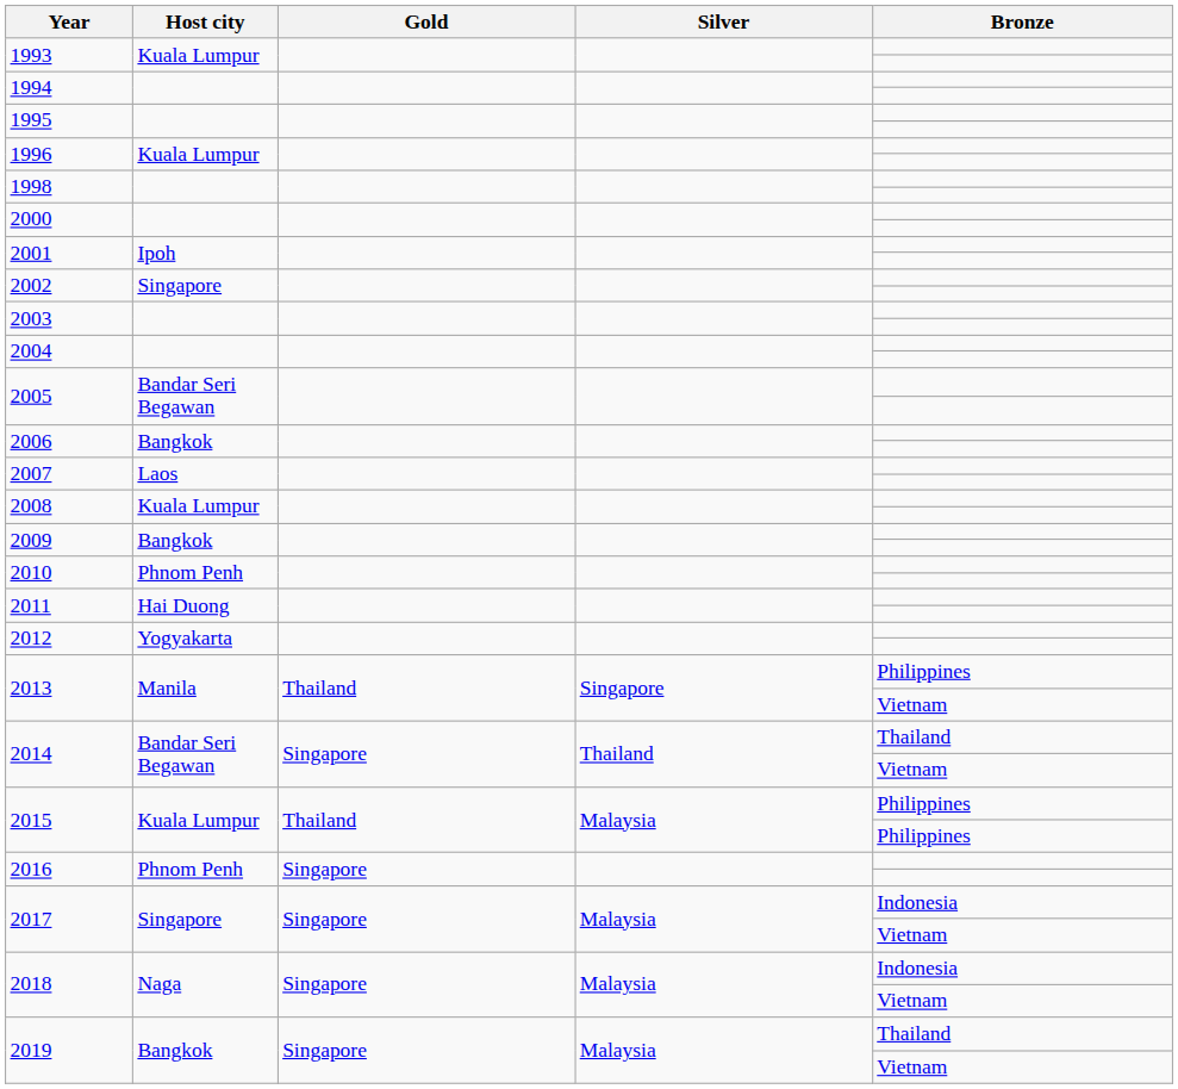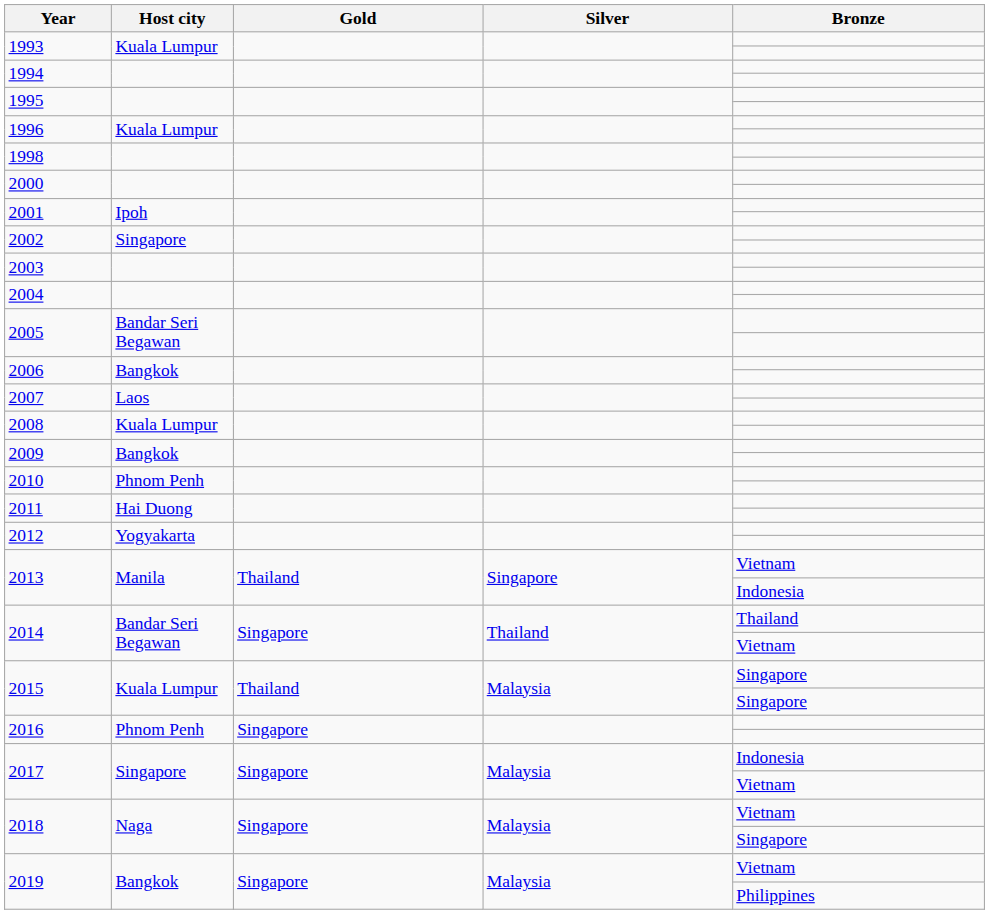 <table class="wikitable sortable" style="width:900px;">
 <tr>
 <th width="120">Year</th>
 <th width="120">Host city</th>
 <th width="300">Gold</th>
 <th width="300">Silver</th>
 <th width="300">Bronze</th>
 </tr>
 <tr>
 <td rowspan=2><a href='#'>1993</a></td>
 <td rowspan=2><a href='#'>Kuala Lumpur</a></td>
 <td rowspan=2></td>
 <td rowspan=2></td>
 <td></td>
 </tr>
 <tr>
 <td></td>
 </tr>
 <tr>
 <td rowspan=2><a href='#'>1994</a></td>
 <td rowspan=2></td>
 <td rowspan=2></td>
 <td rowspan=2></td>
 <td></td>
 </tr>
 <tr>
 <td></td>
 </tr>
 <tr>
 <td rowspan=2><a href='#'>1995</a></td>
 <td rowspan=2></td>
 <td rowspan=2></td>
 <td rowspan=2></td>
 <td></td>
 </tr>
 <tr>
 <td></td>
 </tr>
 <tr>
 <td rowspan=2><a href='#'>1996</a></td>
 <td rowspan=2><a href='#'>Kuala Lumpur</a></td>
 <td rowspan=2></td>
 <td rowspan=2></td>
 <td></td>
 </tr>
 <tr>
 <td></td>
 </tr>
 <tr>
 <td rowspan=2><a href='#'>1998</a></td>
 <td rowspan=2></td>
 <td rowspan=2></td>
 <td rowspan=2></td>
 <td></td>
 </tr>
 <tr>
 <td></td>
 </tr>
 <tr>
 <td rowspan=2><a href='#'>2000</a></td>
 <td rowspan=2></td>
 <td rowspan=2></td>
 <td rowspan=2></td>
 <td></td>
 </tr>
 <tr>
 <td></td>
 </tr>
 <tr>
 <td rowspan=2><a href='#'>2001</a></td>
 <td rowspan=2><a href='#'>Ipoh</a></td>
 <td rowspan=2></td>
 <td rowspan=2></td>
 <td></td>
 </tr>
 <tr>
 <td></td>
 </tr>
 <tr>
 <td rowspan=2><a href='#'>2002</a></td>
 <td rowspan=2><a href='#'>Singapore</a></td>
 <td rowspan=2></td>
 <td rowspan=2></td>
 <td></td>
 </tr>
 <tr>
 <td></td>
 </tr>
 <tr>
 <td rowspan=2><a href='#'>2003</a></td>
 <td rowspan=2></td>
 <td rowspan=2></td>
 <td rowspan=2></td>
 <td></td>
 </tr>
 <tr>
 <td></td>
 </tr>
 <tr>
 <td rowspan=2><a href='#'>2004</a></td>
 <td rowspan=2></td>
 <td rowspan=2></td>
 <td rowspan=2></td>
 <td></td>
 </tr>
 <tr>
 <td></td>
 </tr>
 <tr>
 <td rowspan=2><a href='#'>2005</a></td>
 <td rowspan=2><a href='#'>Bandar Seri Begawan</a></td>
 <td rowspan=2></td>
 <td rowspan=2></td>
 <td></td>
 </tr>
 <tr>
 <td></td>
 </tr>
 <tr>
 <td rowspan=2><a href='#'>2006</a></td>
 <td rowspan=2><a href='#'>Bangkok</a></td>
 <td rowspan=2></td>
 <td rowspan=2></td>
 <td></td>
 </tr>
 <tr>
 <td></td>
 </tr>
 <tr>
 <td rowspan=2><a href='#'>2007</a></td>
 <td rowspan=2><a href='#'>Laos</a></td>
 <td rowspan=2></td>
 <td rowspan=2></td>
 <td></td>
 </tr>
 <tr>
 <td></td>
 </tr>
 <tr>
 <td rowspan=2><a href='#'>2008</a></td>
 <td rowspan=2><a href='#'>Kuala Lumpur</a></td>
 <td rowspan=2></td>
 <td rowspan=2></td>
 <td></td>
 </tr>
 <tr>
 <td></td>
 </tr>
 <tr>
 <td rowspan=2><a href='#'>2009</a></td>
 <td rowspan=2><a href='#'>Bangkok</a></td>
 <td rowspan=2></td>
 <td rowspan=2></td>
 <td></td>
 </tr>
 <tr>
 <td></td>
 </tr>
 <tr>
 <td rowspan=2><a href='#'>2010</a></td>
 <td rowspan=2><a href='#'>Phnom Penh</a></td>
 <td rowspan=2></td>
 <td rowspan=2></td>
 <td></td>
 </tr>
 <tr>
 <td></td>
 </tr>
 <tr>
 <td rowspan=2><a href='#'>2011</a></td>
 <td rowspan=2><a href='#'>Hai Duong</a></td>
 <td rowspan=2></td>
 <td rowspan=2></td>
 <td></td>
 </tr>
 <tr>
 <td></td>
 </tr>
 <tr>
 <td rowspan=2><a href='#'>2012</a></td>
 <td rowspan=2><a href='#'>Yogyakarta</a></td>
 <td rowspan=2></td>
 <td rowspan=2></td>
 <td></td>
 </tr>
 <tr>
 <td></td>
 </tr>
 <tr>
 <td rowspan=2><a href='#'>2013</a></td>
 <td rowspan=2><a href='#'>Manila</a></td>
 <td rowspan=2> <a href='#'>Thailand</a></td>
 <td rowspan=2> <a href='#'>Singapore</a></td>
-<td> <a href='#'>Philippines</a></td>
+<td> <a href='#'>Vietnam</a></td>
 </tr>
 <tr>
-<td> <a href='#'>Vietnam</a></td>
+<td> <a href='#'>Indonesia</a></td>
 </tr>
 <tr>
 <td rowspan=2><a href='#'>2014</a></td>
 <td rowspan=2><a href='#'>Bandar Seri Begawan</a></td>
 <td rowspan=2> <a href='#'>Singapore</a></td>
 <td rowspan=2> <a href='#'>Thailand</a></td>
 <td> <a href='#'>Thailand</a></td>
 </tr>
 <tr>
 <td> <a href='#'>Vietnam</a></td>
 </tr>
 <tr>
 <td rowspan=2><a href='#'>2015</a></td>
 <td rowspan=2><a href='#'>Kuala Lumpur</a></td>
 <td rowspan=2> <a href='#'>Thailand</a></td>
 <td rowspan=2> <a href='#'>Malaysia</a></td>
-<td> <a href='#'>Philippines</a></td>
+<td> <a href='#'>Singapore</a></td>
 </tr>
 <tr>
-<td> <a href='#'>Philippines</a></td>
+<td> <a href='#'>Singapore</a></td>
 </tr>
 <tr>
 <td rowspan=2><a href='#'>2016</a></td>
 <td rowspan=2><a href='#'>Phnom Penh</a></td>
 <td rowspan=2> <a href='#'>Singapore</a></td>
 <td rowspan=2></td>
 <td></td>
 </tr>
 <tr>
 <td></td>
 </tr>
 <tr>
 <td rowspan=2><a href='#'>2017</a></td>
 <td rowspan=2><a href='#'>Singapore</a></td>
 <td rowspan=2> <a href='#'>Singapore</a></td>
 <td rowspan=2> <a href='#'>Malaysia</a></td>
 <td> <a href='#'>Indonesia</a></td>
 </tr>
 <tr>
 <td> <a href='#'>Vietnam</a></td>
 </tr>
 <tr>
 <td rowspan=2><a href='#'>2018</a></td>
 <td rowspan=2><a href='#'>Naga</a></td>
 <td rowspan=2> <a href='#'>Singapore</a></td>
 <td rowspan=2> <a href='#'>Malaysia</a></td>
-<td> <a href='#'>Indonesia</a></td>
+<td> <a href='#'>Vietnam</a></td>
 </tr>
 <tr>
-<td> <a href='#'>Vietnam</a></td>
+<td> <a href='#'>Singapore</a></td>
 </tr>
 <tr>
 <td rowspan=2><a href='#'>2019</a></td>
 <td rowspan=2><a href='#'>Bangkok</a></td>
 <td rowspan=2> <a href='#'>Singapore</a></td>
 <td rowspan=2> <a href='#'>Malaysia</a></td>
-<td> <a href='#'>Thailand</a></td>
+<td> <a href='#'>Vietnam</a></td>
 </tr>
 <tr>
-<td> <a href='#'>Vietnam</a></td>
+<td> <a href='#'>Philippines</a></td>
 </tr>
 </table>
